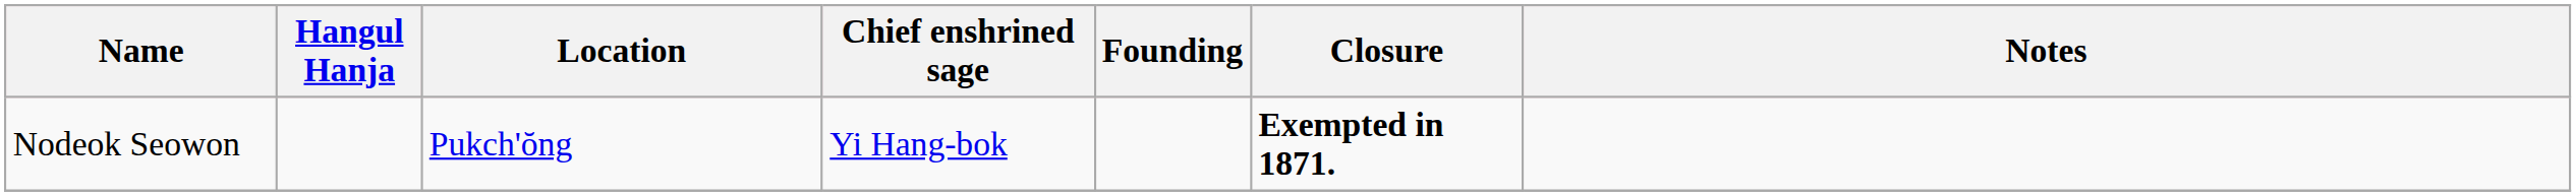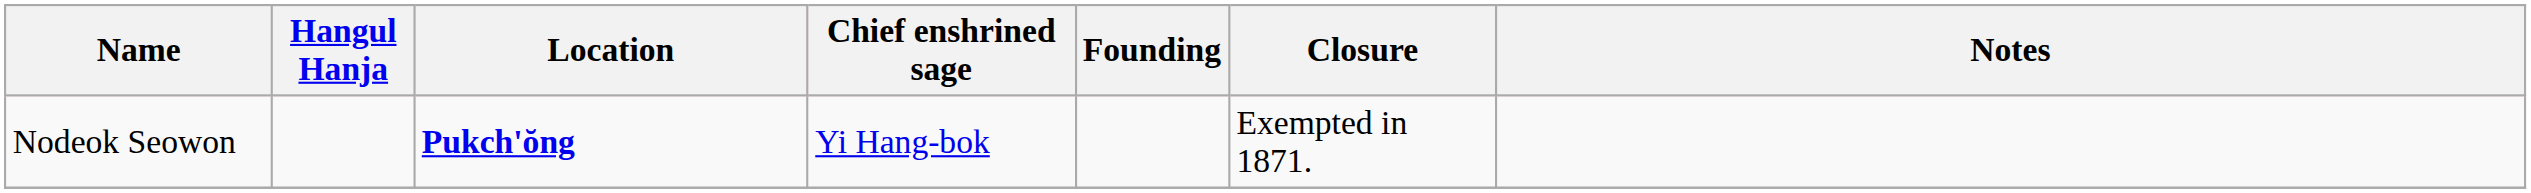 <table class="wikitable sortable" width="95%">
 <tr bgcolor="pink">
 <th width="120px">Name</th>
 <th width="60px"><a href='#'>Hangul</a><br><a href='#'>Hanja</a></th>
 <th width="180px">Location</th>
 <th width="120px">Chief enshrined sage</th>
 <th width="60px">Founding</th>
 <th width="120px">Closure</th>
 <th>Notes</th>
 </tr>
 <tr>
 <td>Nodeok Seowon</td>
 <td><br></td>
-<td><a href='#'>Pukch'ŏng</a></td>
+<td><strong><a href='#'>Pukch'ŏng</a></strong></td>
 <td><a href='#'>Yi Hang-bok</a></td>
 <td></td>
-<td><strong>Exempted in 1871.</strong></td>
+<td>Exempted in 1871.</td>
 <td></td>
 </tr>
 <tr>
 </tr>
 </table>
